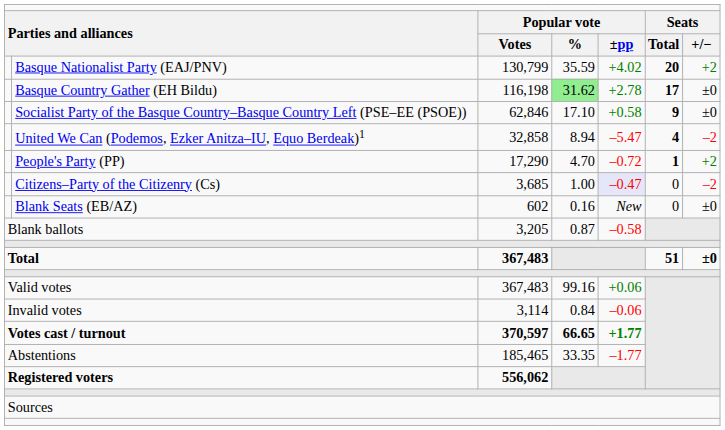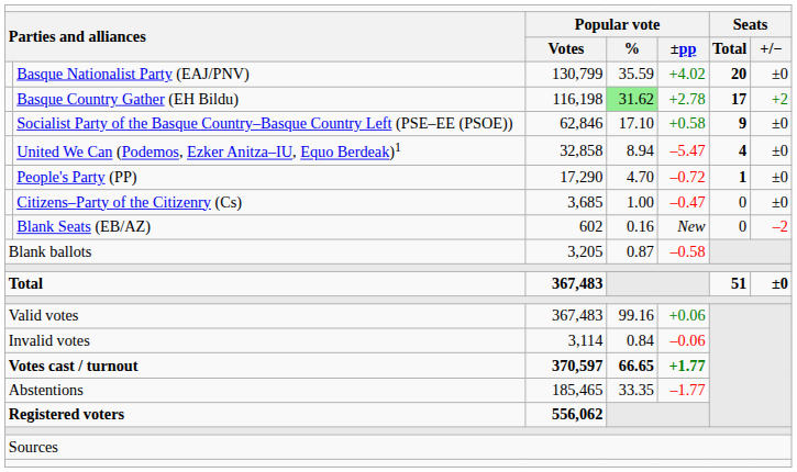 <table class="wikitable" style="text-align:right;">
 <tr>
 <td colspan="7"></td>
 </tr>
 <tr>
 <th style="text-align:left;" rowspan="2" colspan="2" width="525">Parties and alliances</th>
 <th colspan="3">Popular vote</th>
 <th colspan="2">Seats</th>
 </tr>
 <tr>
 <th width="75">Votes</th>
 <th width="45">%</th>
 <th width="45">±<a href='#'>pp</a></th>
 <th width="35">Total</th>
 <th width="35">+/−</th>
 </tr>
 <tr>
 <td width="1" style="color:inherit;background:"></td>
 <td align="left"><a href='#'>Basque Nationalist Party</a> (EAJ/PNV)</td>
 <td>130,799</td>
 <td>35.59</td>
 <td style="color:green;">+4.02</td>
 <td><strong>20</strong></td>
-<td style="color:green;">+2</td>
+<td>±0</td>
 </tr>
 <tr>
 <td style="color:inherit;background:"></td>
 <td align="left"><a href='#'>Basque Country Gather</a> (EH Bildu)</td>
 <td>116,198</td>
 <td style="background: lightgreen;">31.62</td>
 <td style="color:green;">+2.78</td>
 <td><strong>17</strong></td>
-<td>±0</td>
+<td style="color:green;">+2</td>
 </tr>
 <tr>
 <td style="color:inherit;background:"></td>
 <td align="left"><a href='#'>Socialist Party of the Basque Country–Basque Country Left</a> (PSE–EE (PSOE))</td>
 <td>62,846</td>
 <td>17.10</td>
 <td style="color:green;">+0.58</td>
 <td><strong>9</strong></td>
 <td>±0</td>
 </tr>
 <tr>
 <td style="color:inherit;background:"></td>
 <td align="left"><a href='#'>United We Can</a> (<a href='#'>Podemos</a>, <a href='#'>Ezker Anitza–IU</a>, <a href='#'>Equo Berdeak</a>)<sup>1</sup></td>
 <td>32,858</td>
 <td>8.94</td>
 <td style="color:red;">–5.47</td>
 <td><strong>4</strong></td>
-<td style="color:red;">–2</td>
+<td>±0</td>
 </tr>
 <tr>
 <td style="color:inherit;background:"></td>
 <td align="left"><a href='#'>People's Party</a> (PP)</td>
 <td>17,290</td>
 <td>4.70</td>
 <td style="color:red;">–0.72</td>
 <td><strong>1</strong></td>
-<td style="color:green;">+2</td>
+<td>±0</td>
 </tr>
 <tr>
 <td style="color:inherit;background:"></td>
 <td align="left"><a href='#'>Citizens–Party of the Citizenry</a> (Cs)</td>
 <td>3,685</td>
 <td>1.00</td>
-<td style="background: lavender; color:red;">–0.47</td>
+<td style="color:red;">–0.47</td>
 <td>0</td>
-<td style="color:red;">–2</td>
+<td>±0</td>
 </tr>
 <tr>
 <td style="color:inherit;background:"></td>
 <td align="left"><a href='#'>Blank Seats</a> (EB/AZ)</td>
 <td>602</td>
 <td>0.16</td>
 <td><em>New</em></td>
 <td>0</td>
-<td>±0</td>
+<td style="color:red;">–2</td>
 </tr>
 <tr>
 <td align="left" colspan="2">Blank ballots</td>
 <td>3,205</td>
 <td>0.87</td>
 <td style="color:red;">–0.58</td>
 <td bgcolor="#E9E9E9" colspan="2"></td>
 </tr>
 <tr>
 <td colspan="7" bgcolor="#E9E9E9"></td>
 </tr>
 <tr style="font-weight:bold;">
 <td align="left" colspan="2">Total</td>
 <td>367,483</td>
 <td bgcolor="#E9E9E9" colspan="2"></td>
 <td>51</td>
 <td>±0</td>
 </tr>
 <tr>
 <td colspan="7" bgcolor="#E9E9E9"></td>
 </tr>
 <tr>
 <td align="left" colspan="2">Valid votes</td>
 <td>367,483</td>
 <td>99.16</td>
 <td style="color:green;">+0.06</td>
 <td bgcolor="#E9E9E9" colspan="2" rowspan="5"></td>
 </tr>
 <tr>
 <td align="left" colspan="2">Invalid votes</td>
 <td>3,114</td>
 <td>0.84</td>
 <td style="color:red;">–0.06</td>
 </tr>
 <tr style="font-weight:bold;">
 <td align="left" colspan="2">Votes cast / turnout</td>
 <td>370,597</td>
 <td>66.65</td>
 <td style="color:green;">+1.77</td>
 </tr>
 <tr>
 <td align="left" colspan="2">Abstentions</td>
 <td>185,465</td>
 <td>33.35</td>
 <td style="color:red;">–1.77</td>
 </tr>
 <tr style="font-weight:bold;">
 <td align="left" colspan="2">Registered voters</td>
 <td>556,062</td>
 <td bgcolor="#E9E9E9" colspan="2"></td>
 </tr>
 <tr>
 <td colspan="7" bgcolor="#E9E9E9"></td>
 </tr>
 <tr>
 <td align="left" colspan="7">Sources</td>
 </tr>
 <tr>
 <td colspan="7" style="text-align:left; max-width:790px;"></td>
 </tr>
 </table>
